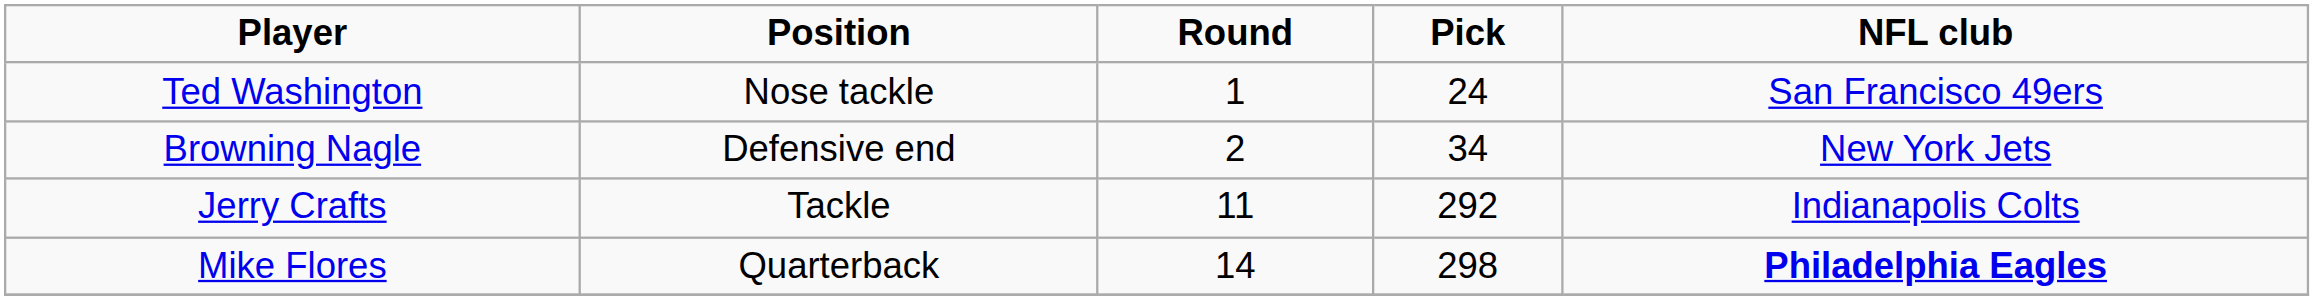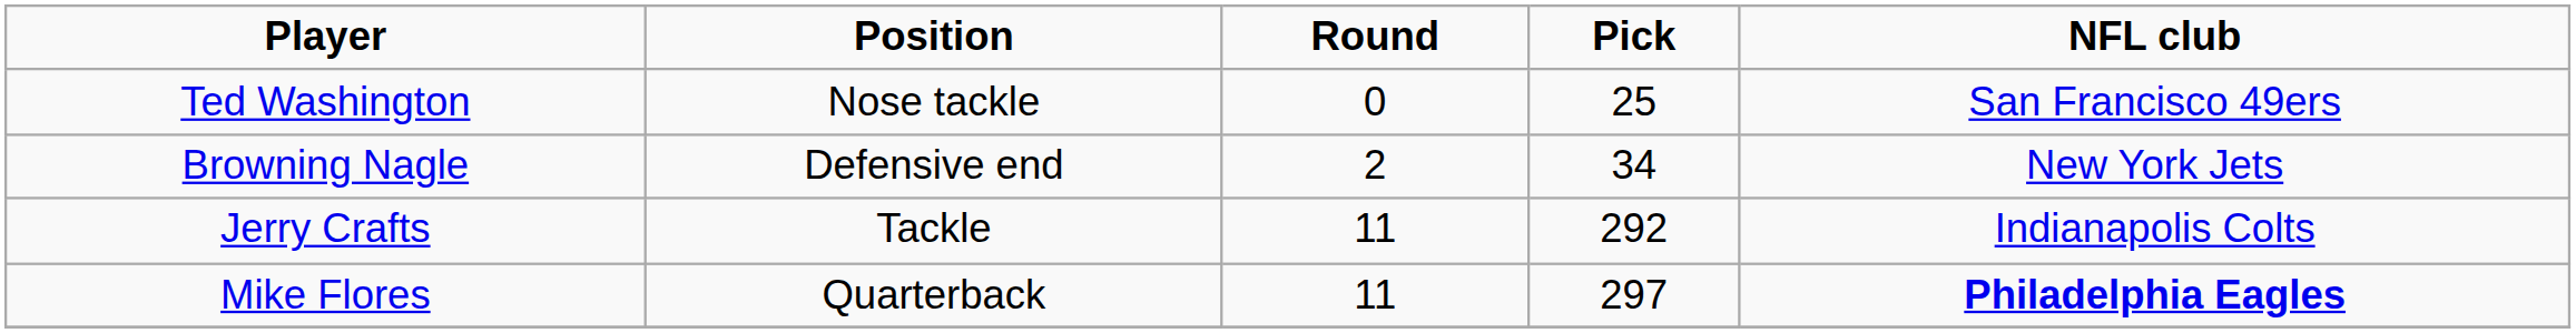 <table class="wikitable" width="80%">
 <tr align="center">
 <td><strong>Player</strong></td>
 <td><strong>Position</strong></td>
 <td><strong>Round</strong></td>
 <td><strong>Pick</strong></td>
 <td><strong>NFL club</strong></td>
 </tr>
 <tr align="center" bgcolor="">
 <td><a href='#'>Ted Washington</a></td>
 <td>Nose tackle</td>
-<td>1</td>
-<td>24</td>
+<td>0</td>
+<td>25</td>
 <td><a href='#'>San Francisco 49ers</a></td>
 </tr>
 <tr align="center" bgcolor="">
 <td><a href='#'>Browning Nagle</a></td>
 <td>Defensive end</td>
 <td>2</td>
 <td>34</td>
 <td><a href='#'>New York Jets</a></td>
 </tr>
 <tr align="center" bgcolor="">
 <td><a href='#'>Jerry Crafts</a></td>
 <td>Tackle</td>
 <td>11</td>
 <td>292</td>
 <td><a href='#'>Indianapolis Colts</a></td>
 </tr>
 <tr align="center" bgcolor="">
 <td><a href='#'>Mike Flores</a></td>
 <td>Quarterback</td>
-<td>14</td>
-<td>298</td>
+<td>11</td>
+<td>297</td>
 <td><strong><a href='#'>Philadelphia Eagles</a></strong></td>
 </tr>
 <tr align="center" bgcolor="">
 </tr>
 </table>
